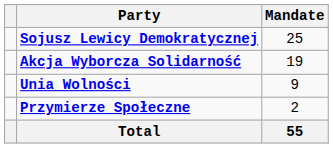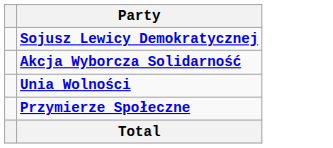 <table class="wikitable">
 <tr>
 <th width=5></th>
 <th>Party</th>
-<th>Mandate</th>
 </tr>
 <tr>
 <td style="background:"></td>
 <td><strong><a href='#'>Sojusz Lewicy Demokratycznej</a></strong></td>
-<td align="center">25</td>
 </tr>
 <tr>
 <td style="background:"></td>
 <td><strong><a href='#'>Akcja Wyborcza Solidarność</a></strong></td>
-<td align="center">19</td>
 </tr>
 <tr>
 <td style="background:"></td>
 <td><strong><a href='#'>Unia Wolności</a></strong></td>
-<td align="center">9</td>
 </tr>
 <tr>
 <td style="background:"></td>
 <td><strong><a href='#'>Przymierze Społeczne</a></strong></td>
-<td align="center">2</td>
 </tr>
 <tr bgcolor="#ececec">
 <th></th>
 <th>Total</th>
-<th align="center">55</th>
 </tr>
 </table>
